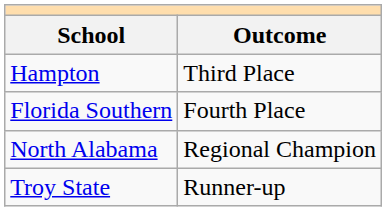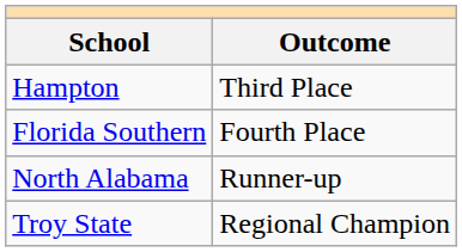 <table class="wikitable" style="float:left; margin-right:1em;">
 <tr>
 <th colspan="3" style="background:#ffdead;"></th>
 </tr>
 <tr>
 <th>School</th>
 <th>Outcome</th>
 </tr>
 <tr>
 <td><a href='#'>Hampton</a></td>
 <td>Third Place</td>
 </tr>
 <tr>
 <td><a href='#'>Florida Southern</a></td>
 <td>Fourth Place</td>
 </tr>
 <tr>
 <td><a href='#'>North Alabama</a></td>
-<td>Regional Champion</td>
+<td>Runner-up</td>
 </tr>
 <tr>
 <td><a href='#'>Troy State</a></td>
-<td>Runner-up</td>
+<td>Regional Champion</td>
 </tr>
 </table>
